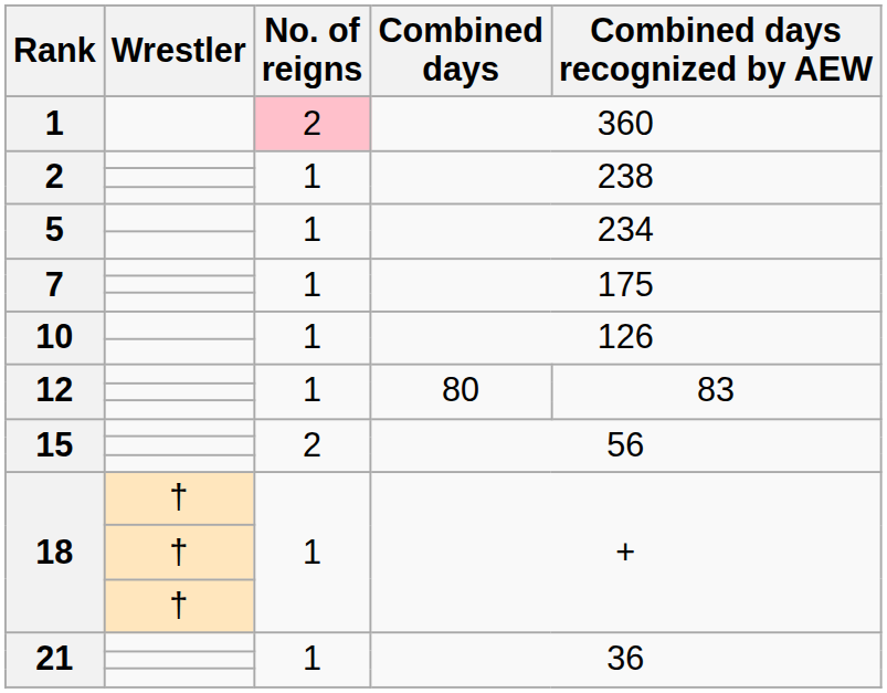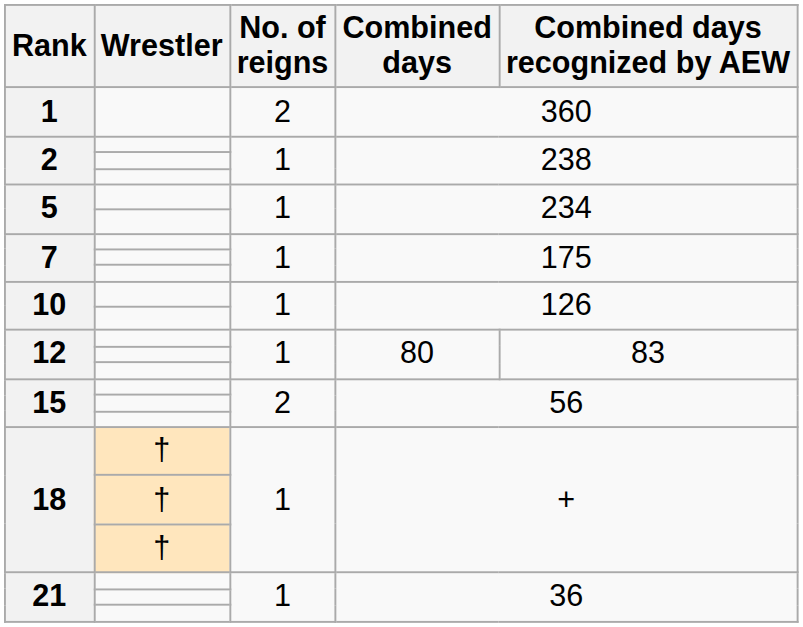 <table class="wikitable sortable" style="text-align: center">
 <tr>
 <th>Rank</th>
 <th>Wrestler</th>
 <th>No. of<br>reigns</th>
 <th data-sort-type="number">Combined<br>days</th>
 <th>Combined days<br>recognized by AEW</th>
 </tr>
 <tr>
 <th>1</th>
 <td></td>
-<td style="background: pink;">2</td>
+<td>2</td>
 <td colspan="2">360</td>
 </tr>
 <tr>
 <th rowspan="3">2</th>
 <td></td>
 <td rowspan="3">1</td>
 <td colspan="2" rowspan="3">238</td>
 </tr>
 <tr>
 <td></td>
 </tr>
 <tr>
 <td></td>
 </tr>
 <tr>
 <th rowspan="2">5</th>
 <td></td>
 <td rowspan="2">1</td>
 <td colspan="2" rowspan="2">234</td>
 </tr>
 <tr>
 <td></td>
 </tr>
 <tr>
 <th rowspan="3">7</th>
 <td></td>
 <td rowspan="3">1</td>
 <td colspan="2" rowspan="3">175</td>
 </tr>
 <tr>
 <td></td>
 </tr>
 <tr>
 <td></td>
 </tr>
 <tr>
 <th rowspan="2">10</th>
 <td></td>
 <td rowspan="2">1</td>
 <td colspan="2" rowspan="2">126</td>
 </tr>
 <tr>
 <td></td>
 </tr>
 <tr>
 <th rowspan="3">12</th>
 <td></td>
 <td rowspan="3">1</td>
 <td rowspan="3">80</td>
 <td rowspan="3">83</td>
 </tr>
 <tr>
 <td></td>
 </tr>
 <tr>
 <td></td>
 </tr>
 <tr>
 <th rowspan="3">15</th>
 <td></td>
 <td rowspan="3">2</td>
 <td colspan="2" rowspan="3">56</td>
 </tr>
 <tr>
 <td></td>
 </tr>
 <tr>
 <td></td>
 </tr>
 <tr>
 <th rowspan="3">18</th>
 <td style="background:#ffe6bd;"> †</td>
 <td rowspan="3">1</td>
 <td colspan="2" rowspan="3">+</td>
 </tr>
 <tr>
 <td style="background:#ffe6bd;"> †</td>
 </tr>
 <tr>
 <td style="background:#ffe6bd;"> †</td>
 </tr>
 <tr>
 <th rowspan="3">21</th>
 <td></td>
 <td rowspan="3">1</td>
 <td colspan="2" rowspan="3">36</td>
 </tr>
 <tr>
 <td></td>
 </tr>
 <tr>
 <td></td>
 </tr>
 </table>
